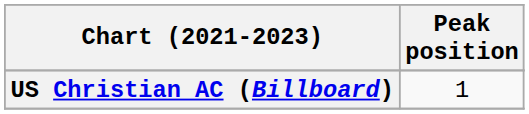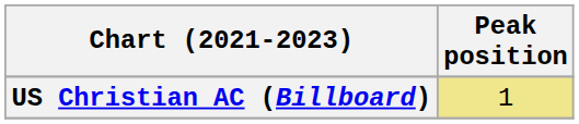 <table class="wikitable sortable plainrowheaders" style="text-align:center">
 <tr>
 <th scope="col">Chart (2021-2023)</th>
 <th scope="col">Peak<br> position</th>
 </tr>
 <tr>
 </tr>
 <tr>
 </tr>
 <tr>
 <th scope="row">US <a href='#'>Christian AC</a> (<em><a href='#'>Billboard</a></em>)</th>
-<td>1</td>
+<td style="background: khaki;">1</td>
 </tr>
 <tr>
 </tr>
 </table>
